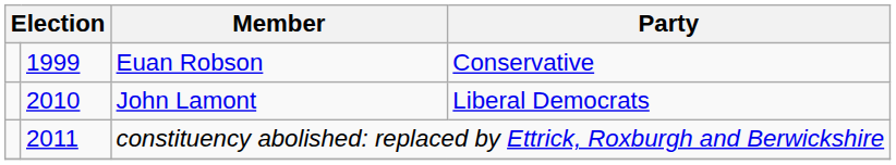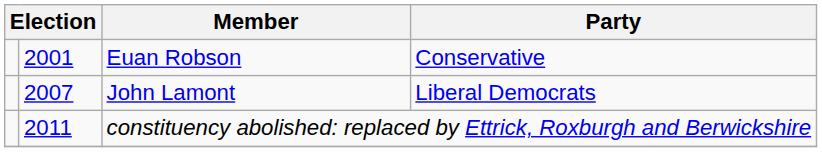 <table class="wikitable">
 <tr>
 <th colspan="2">Election</th>
 <th>Member</th>
 <th>Party</th>
 </tr>
 <tr>
 <td style="background-color: "></td>
-<td><a href='#'>1999</a></td>
+<td><a href='#'>2001</a></td>
 <td><a href='#'>Euan Robson</a></td>
 <td><a href='#'>Conservative</a></td>
 </tr>
 <tr>
 <td style="background-color: "></td>
-<td><a href='#'>2010</a></td>
+<td><a href='#'>2007</a></td>
 <td><a href='#'>John Lamont</a></td>
 <td><a href='#'>Liberal Democrats</a></td>
 </tr>
 <tr>
 <td style="background-color:"></td>
 <td><a href='#'>2011</a></td>
 <td colspan="3"><em>constituency abolished: replaced by <a href='#'>Ettrick, Roxburgh and Berwickshire</a></em></td>
 </tr>
 <tr>
 </tr>
 </table>
